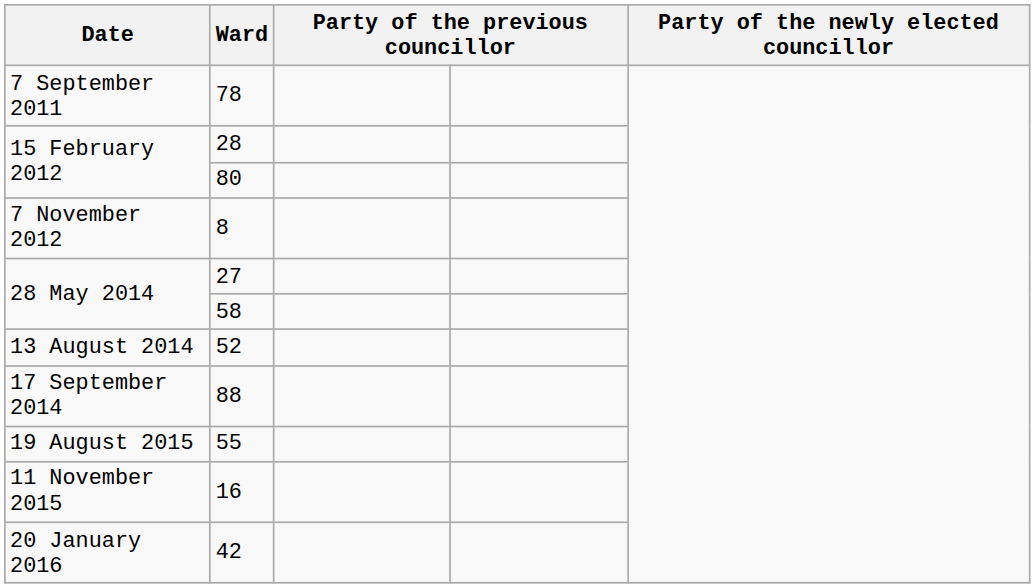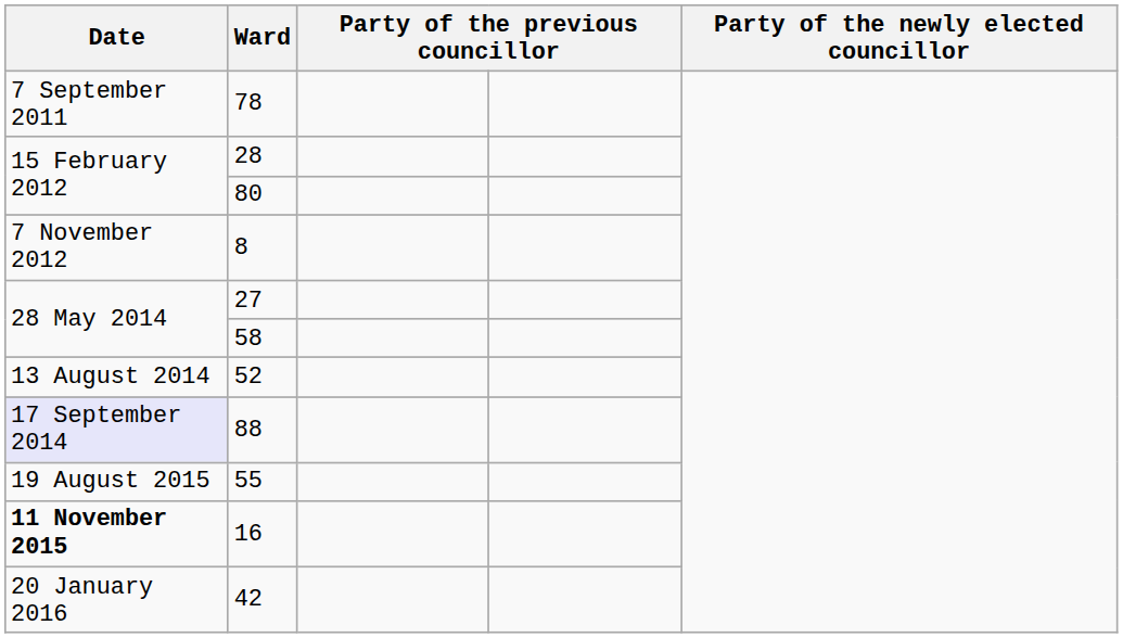 <table class="wikitable">
 <tr>
 <th>Date</th>
 <th>Ward</th>
 <th colspan=2>Party of the previous councillor</th>
 <th colspan=2>Party of the newly elected councillor</th>
 </tr>
 <tr>
 <td>7 September 2011</td>
 <td>78</td>
 <td></td>
 <td></td>
 </tr>
 <tr>
 <td rowspan=2>15 February 2012</td>
 <td>28</td>
 <td></td>
 <td></td>
 </tr>
 <tr>
 <td>80</td>
 <td></td>
 <td></td>
 </tr>
 <tr>
 <td>7 November 2012</td>
 <td>8</td>
 <td></td>
 <td></td>
 </tr>
 <tr>
 <td rowspan=2>28 May 2014</td>
 <td>27</td>
 <td></td>
 <td></td>
 </tr>
 <tr>
 <td>58</td>
 <td></td>
 <td></td>
 </tr>
 <tr>
 <td>13 August 2014</td>
 <td>52</td>
 <td></td>
 <td></td>
 </tr>
 <tr>
-<td>17 September 2014</td>
+<td style="background: lavender;">17 September 2014</td>
 <td>88</td>
 <td></td>
 <td></td>
 </tr>
 <tr>
 <td>19 August 2015</td>
 <td>55</td>
 <td></td>
 <td></td>
 </tr>
 <tr>
-<td>11 November 2015</td>
+<td><strong>11 November 2015</strong></td>
 <td>16</td>
 <td></td>
 <td></td>
 </tr>
 <tr>
 <td>20 January 2016</td>
 <td>42</td>
 <td></td>
 <td></td>
 </tr>
 </table>
